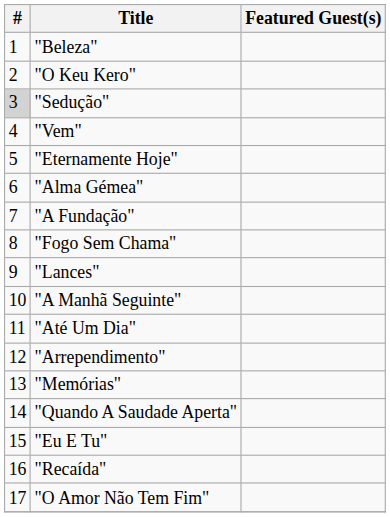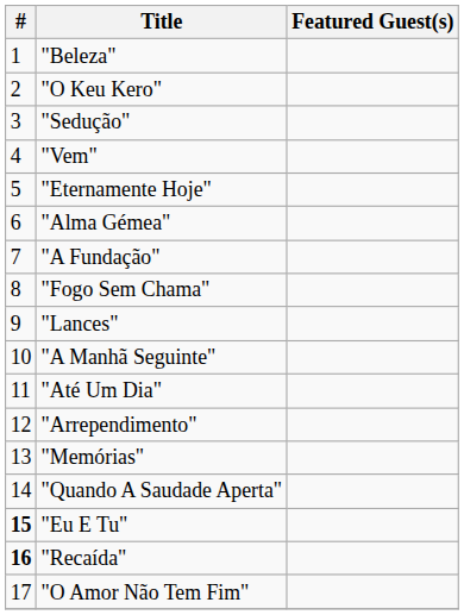 <table class="wikitable">
 <tr>
 <th align="center">#</th>
 <th align="center">Title</th>
 <th align="center">Featured Guest(s)</th>
 </tr>
 <tr>
 <td>1</td>
 <td>"Beleza"</td>
 <td></td>
 </tr>
 <tr>
 <td>2</td>
 <td>"O Keu Kero"</td>
 <td></td>
 </tr>
 <tr>
-<td style="background: lightgrey;">3</td>
+<td>3</td>
 <td>"Sedução"</td>
 <td></td>
 </tr>
 <tr>
 <td>4</td>
 <td>"Vem"</td>
 <td></td>
 </tr>
 <tr>
 <td>5</td>
 <td>"Eternamente Hoje"</td>
 <td></td>
 </tr>
 <tr>
 <td>6</td>
 <td>"Alma Gémea"</td>
 <td></td>
 </tr>
 <tr>
 <td>7</td>
 <td>"A Fundação"</td>
 <td></td>
 </tr>
 <tr>
 <td>8</td>
 <td>"Fogo Sem Chama"</td>
 <td></td>
 </tr>
 <tr>
 <td>9</td>
 <td>"Lances"</td>
 <td></td>
 </tr>
 <tr>
 <td>10</td>
 <td>"A Manhã Seguinte"</td>
 <td></td>
 </tr>
 <tr>
 <td>11</td>
 <td>"Até Um Dia"</td>
 <td></td>
 </tr>
 <tr>
 <td>12</td>
 <td>"Arrependimento"</td>
 <td></td>
 </tr>
 <tr>
 <td>13</td>
 <td>"Memórias"</td>
 <td></td>
 </tr>
 <tr>
 <td>14</td>
 <td>"Quando A Saudade Aperta"</td>
 <td></td>
 </tr>
 <tr>
-<td>15</td>
+<td><strong>15</strong></td>
 <td>"Eu E Tu"</td>
 <td></td>
 </tr>
 <tr>
-<td>16</td>
+<td><strong>16</strong></td>
 <td>"Recaída"</td>
 <td></td>
 </tr>
 <tr>
 <td>17</td>
 <td>"O Amor Não Tem Fim"</td>
 <td></td>
 </tr>
 <tr>
 </tr>
 </table>
